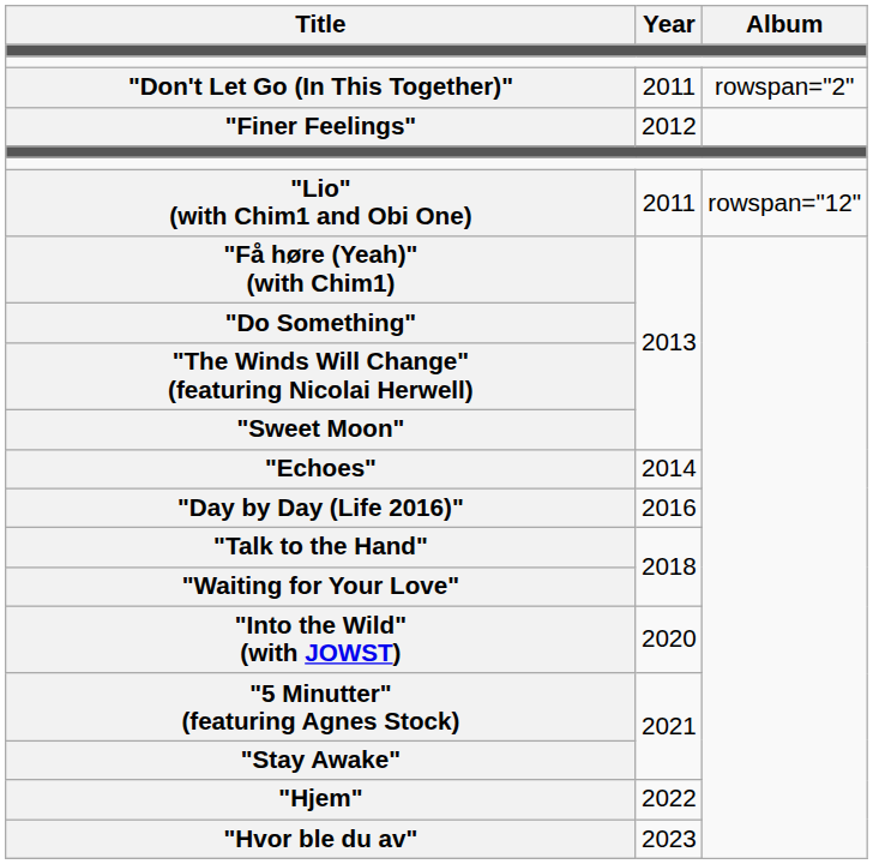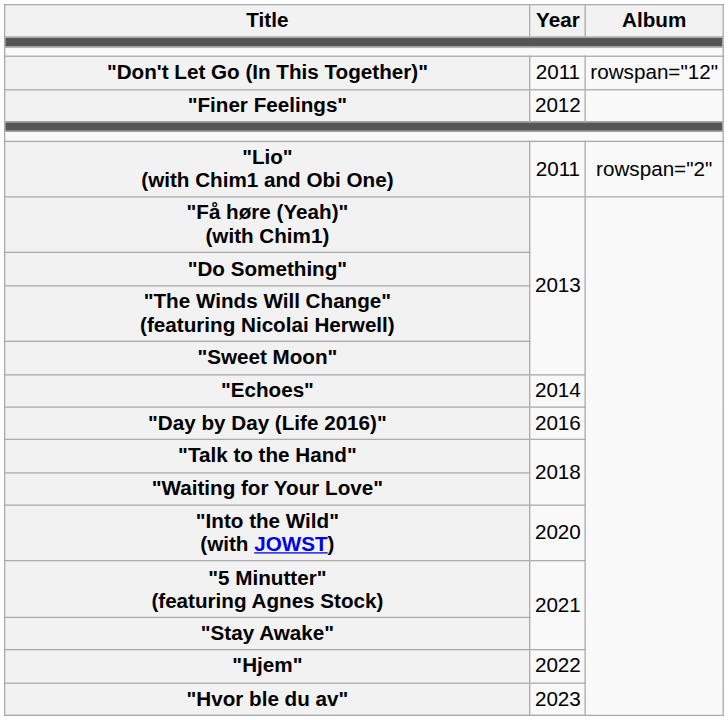 <table class="wikitable plainrowheaders" style="text-align:center;">
 <tr>
 <th scope="col" style="width:25em;">Title</th>
 <th scope="col" style="width:1em;">Year</th>
 <th scope="col">Album</th>
 </tr>
 <tr>
 <td colspan="4" style="background:#555;"></td>
 </tr>
 <tr>
 <td colspan="4"></td>
 </tr>
 <tr>
 <th scope="row">"Don't Let Go (In This Together)"</th>
 <td>2011</td>
-<td>rowspan="2" </td>
+<td>rowspan="12" </td>
 </tr>
 <tr>
 <th scope="row">"Finer Feelings"</th>
 <td>2012</td>
 </tr>
 <tr>
 <td colspan="4" style="background:#555;"></td>
 </tr>
 <tr>
 <td colspan="4"></td>
 </tr>
 <tr>
 <th scope="row">"Lio"<br><span>(with Chim1 and Obi One)</span></th>
 <td>2011</td>
-<td>rowspan="12" </td>
+<td>rowspan="2" </td>
 </tr>
 <tr>
 <th scope="row">"Få høre (Yeah)"<br><span>(with Chim1)</span></th>
 <td rowspan="4">2013</td>
 </tr>
 <tr>
 <th scope="row">"Do Something"</th>
 </tr>
 <tr>
 <th scope="row">"The Winds Will Change"<br><span>(featuring Nicolai Herwell)</span></th>
 </tr>
 <tr>
 <th scope="row">"Sweet Moon"</th>
 </tr>
 <tr>
 <th scope="row">"Echoes"</th>
 <td>2014</td>
 </tr>
 <tr>
 <th scope="row">"Day by Day (Life 2016)"</th>
 <td>2016</td>
 </tr>
 <tr>
 <th scope="row">"Talk to the Hand"</th>
 <td rowspan="2">2018</td>
 </tr>
 <tr>
 <th scope="row">"Waiting for Your Love"</th>
 </tr>
 <tr>
 <th scope="row">"Into the Wild"<br><span>(with <a href='#'>JOWST</a>)</span></th>
 <td>2020</td>
 </tr>
 <tr>
 <th scope="row">"5 Minutter"<br><span>(featuring Agnes Stock)</span></th>
 <td rowspan="2">2021</td>
 </tr>
 <tr>
 <th scope="row">"Stay Awake"</th>
 </tr>
 <tr>
 <th scope="row">"Hjem"</th>
 <td>2022</td>
 </tr>
 <tr>
 <th scope="row">"Hvor ble du av"</th>
 <td>2023</td>
 </tr>
 <tr>
 </tr>
 </table>
